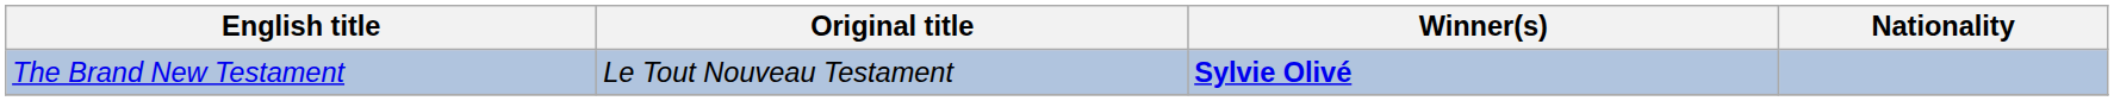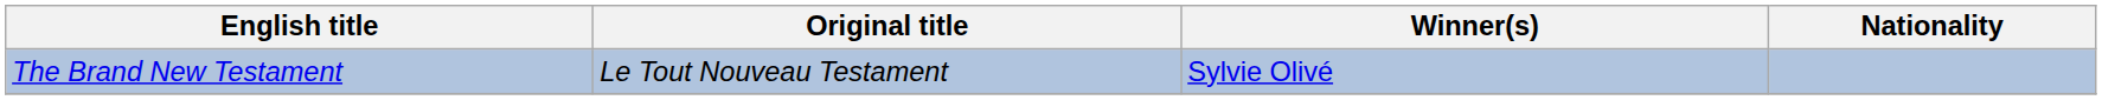 <table class="wikitable" width="95%" cellpadding="5">
 <tr>
 <th width="18%">English title</th>
 <th width="18%">Original title</th>
 <th width="18%">Winner(s)</th>
 <th width="10%">Nationality</th>
 </tr>
 <tr style="background:#B0C4DE;">
 <td><em><a href='#'>The Brand New Testament</a></em></td>
 <td><em>Le Tout Nouveau Testament</em></td>
-<td><strong><a href='#'>Sylvie Olivé</a></strong></td>
+<td><a href='#'>Sylvie Olivé</a></td>
 <td></td>
 </tr>
 <tr>
 </tr>
 </table>
